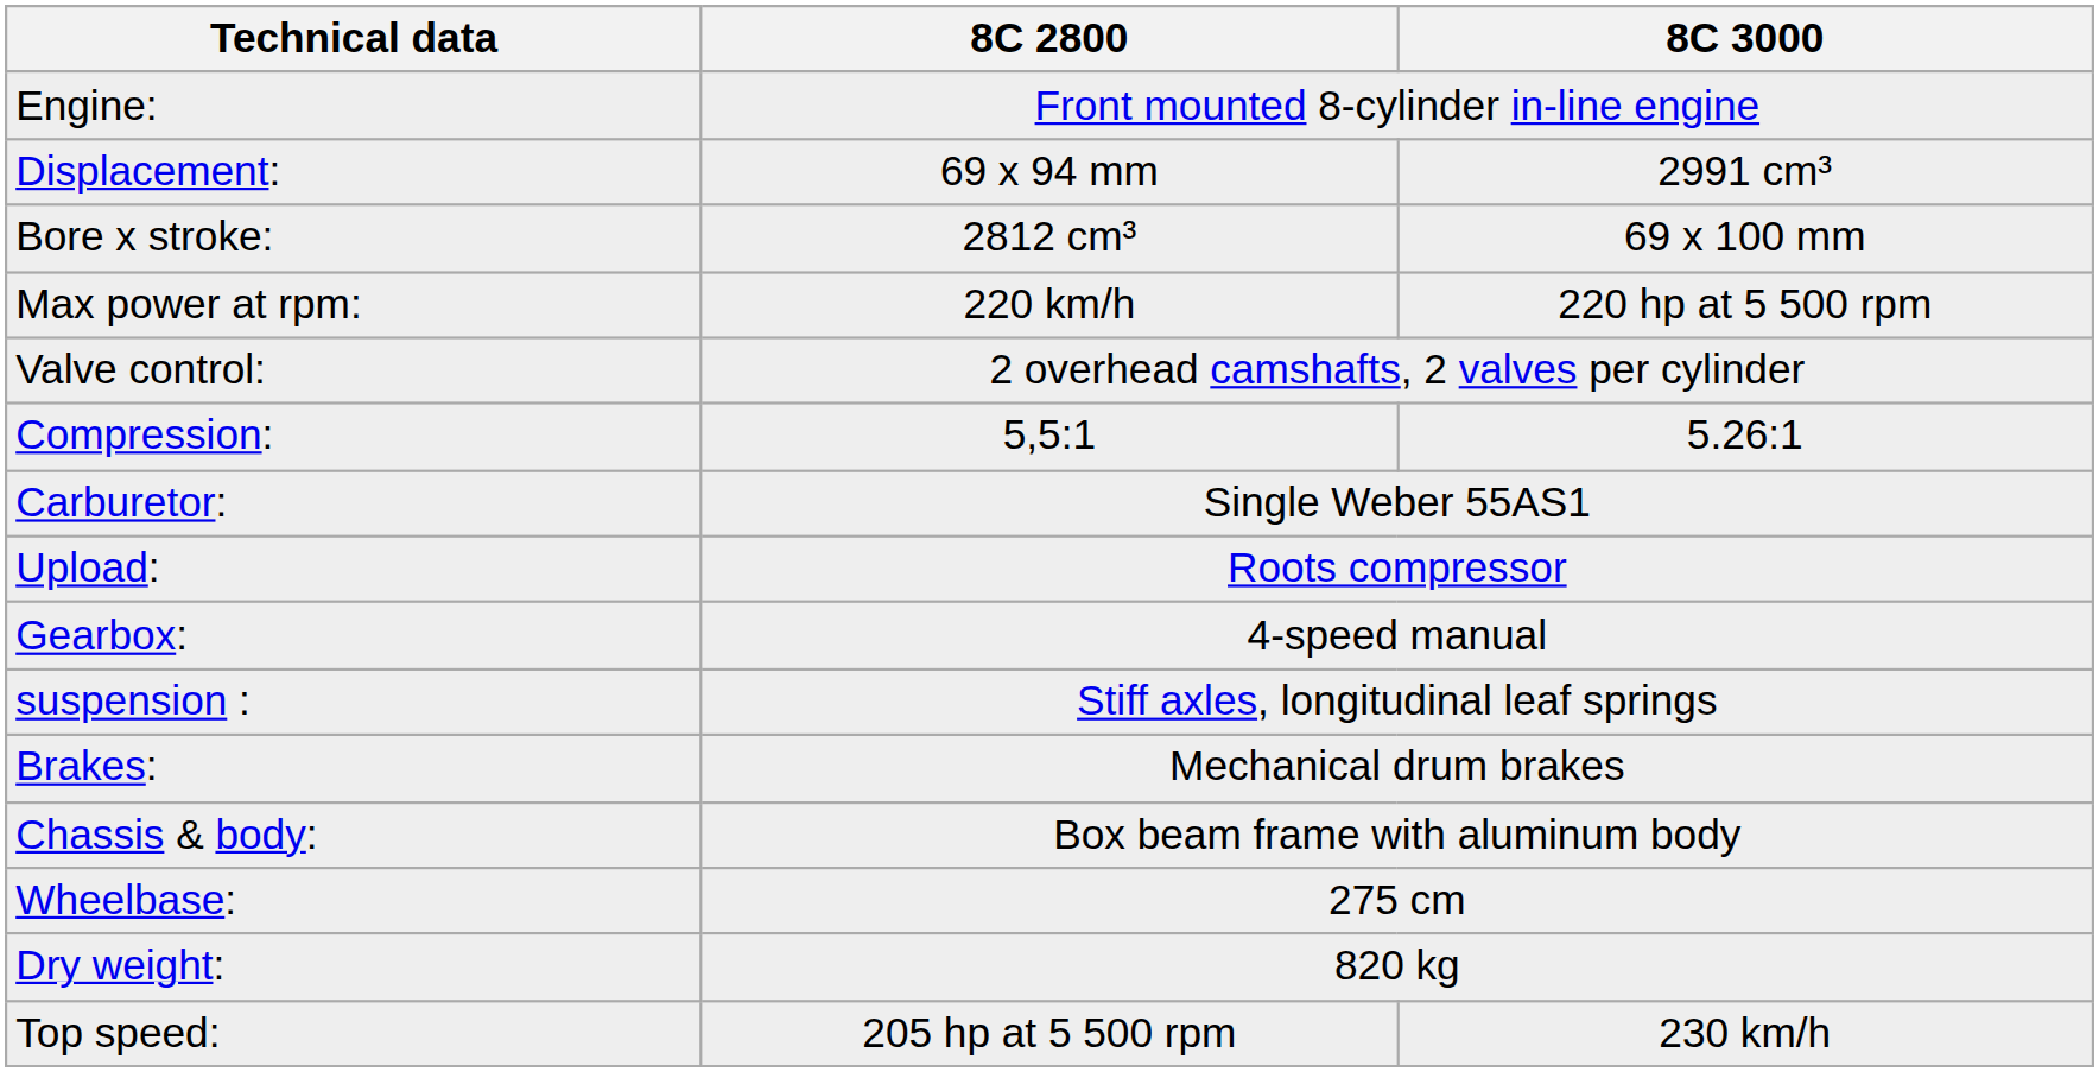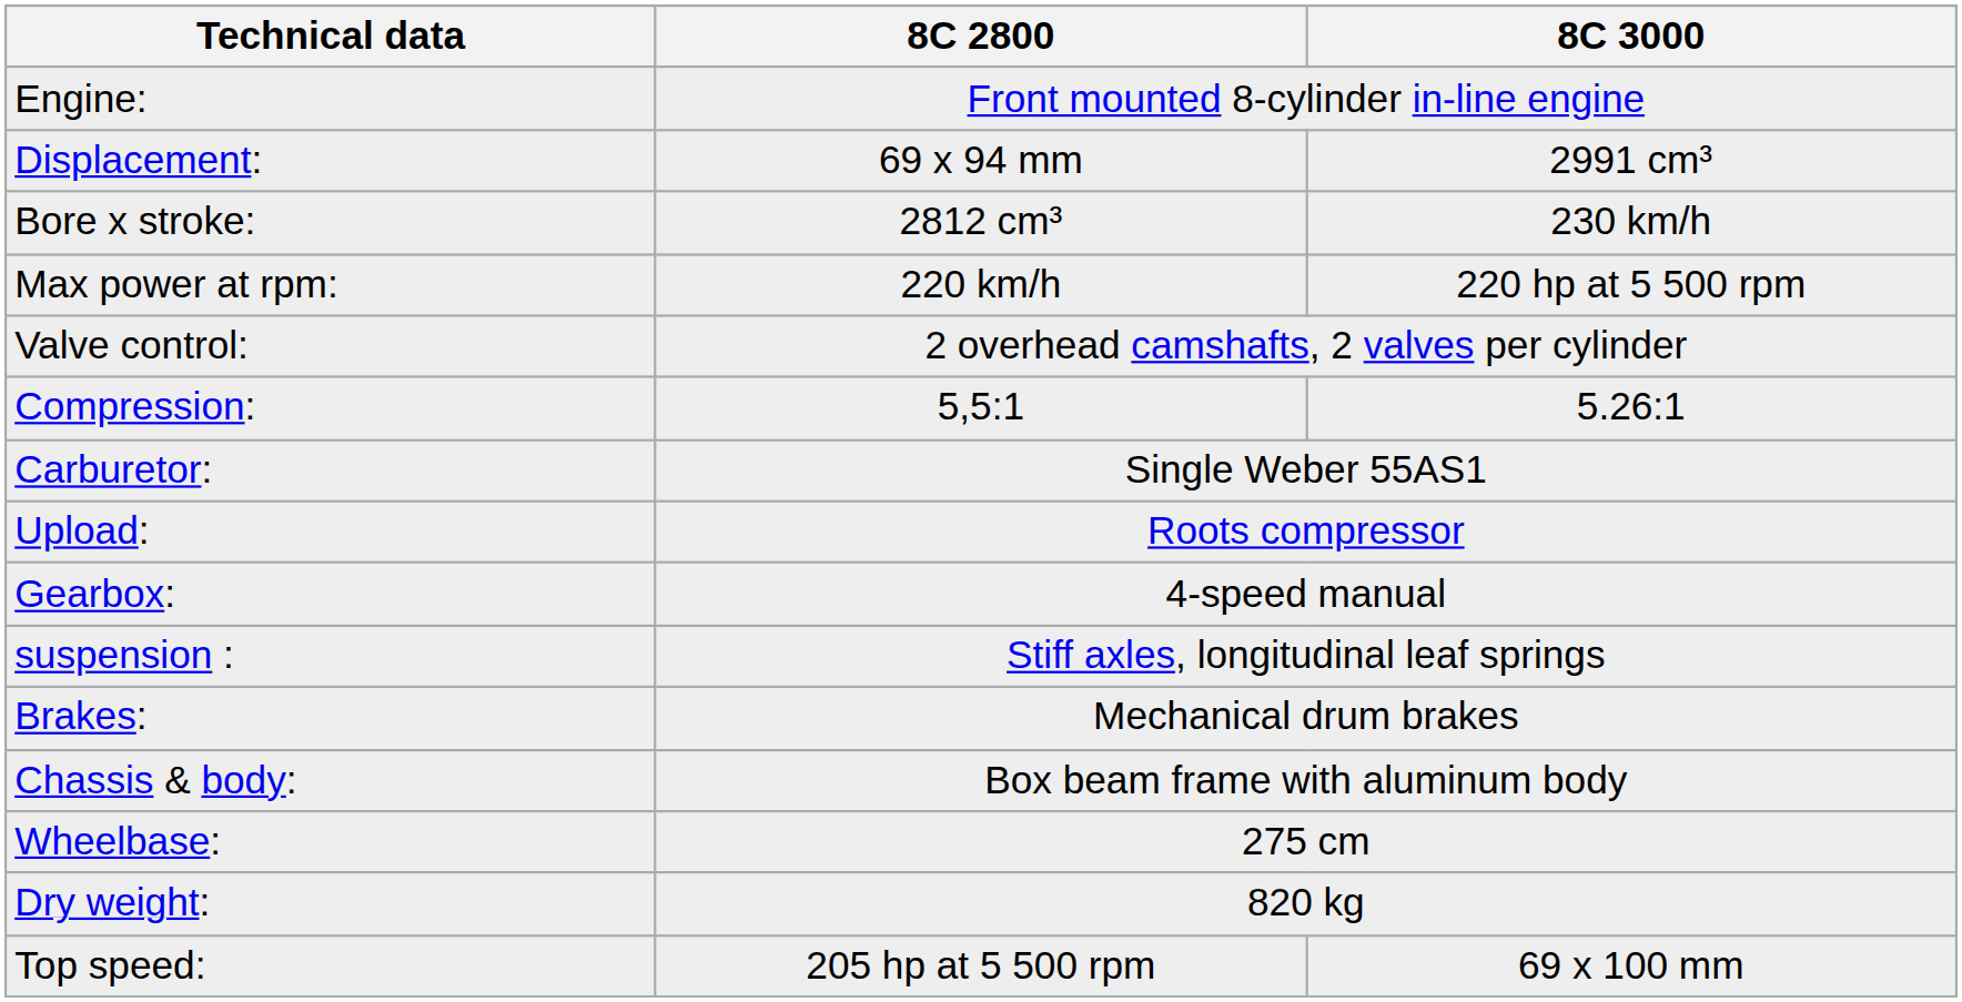 <table class="prettytable">
 <tr ---- bgcolor="#DDDDDD">
 <th width="20%">Technical data</th>
 <th width="20%">8C 2800</th>
 <th width="20%">8C 3000</th>
 </tr>
 <tr ---- bgcolor="#EEEEEE">
 <td>Engine: </td>
 <td colspan="2" align="center"><a href='#'>Front mounted</a> 8-cylinder <a href='#'>in-line engine</a></td>
 </tr>
 <tr ---- bgcolor="#EEEEEE">
 <td><a href='#'>Displacement</a>: </td>
 <td align="center">69 x 94 mm</td>
 <td align="center">2991 cm³</td>
 </tr>
 <tr ---- bgcolor="#EEEEEE">
 <td>Bore x stroke: </td>
 <td align="center">2812 cm³</td>
-<td align="center">69 x 100 mm</td>
+<td align="center">230 km/h</td>
 </tr>
 <tr ---- bgcolor="#EEEEEE">
 <td>Max power at rpm: </td>
 <td align="center">220 km/h</td>
 <td align="center">220 hp at 5 500 rpm</td>
 </tr>
 <tr ---- bgcolor="#EEEEEE">
 <td>Valve control: </td>
 <td colspan="2" align="center">2 overhead <a href='#'>camshafts</a>, 2 <a href='#'>valves</a> per cylinder</td>
 </tr>
 <tr ---- bgcolor="#EEEEEE">
 <td><a href='#'>Compression</a>: </td>
 <td align="center">5,5:1</td>
 <td align="center">5.26:1</td>
 </tr>
 <tr ---- bgcolor="#EEEEEE">
 <td><a href='#'>Carburetor</a>: </td>
 <td colspan="2" align="center">Single Weber 55AS1</td>
 </tr>
 <tr ---- bgcolor="#EEEEEE">
 <td><a href='#'>Upload</a>: </td>
 <td colspan="2" align="center"><a href='#'>Roots compressor</a></td>
 </tr>
 <tr ---- bgcolor="#EEEEEE">
 <td><a href='#'>Gearbox</a>: </td>
 <td colspan="2" align="center">4-speed manual</td>
 </tr>
 <tr ---- bgcolor="#EEEEEE">
 <td><a href='#'>suspension</a>  : </td>
 <td colspan="2" align="center"><a href='#'>Stiff axles</a>, longitudinal leaf springs</td>
 </tr>
 <tr ---- bgcolor="#EEEEEE">
 <td><a href='#'>Brakes</a>: </td>
 <td colspan="5" align="center">Mechanical drum brakes</td>
 </tr>
 <tr ---- bgcolor="#EEEEEE">
 <td><a href='#'>Chassis</a> & <a href='#'>body</a>: </td>
 <td colspan="2" align="center">Box beam frame with aluminum body</td>
 </tr>
 <tr ---- bgcolor="#EEEEEE">
 <td><a href='#'>Wheelbase</a>: </td>
 <td colspan="2" align="center">275 cm</td>
 </tr>
 <tr ---- bgcolor="#EEEEEE">
 <td><a href='#'>Dry weight</a>: </td>
 <td colspan="2" align="center">820 kg</td>
 </tr>
 <tr ---- bgcolor="#EEEEEE">
 <td>Top speed: </td>
 <td align="center">205 hp at 5 500 rpm</td>
-<td align="center">230 km/h</td>
+<td align="center">69 x 100 mm</td>
 </tr>
 <tr ---- bgcolor="#EEEEEE">
 </tr>
 </table>
